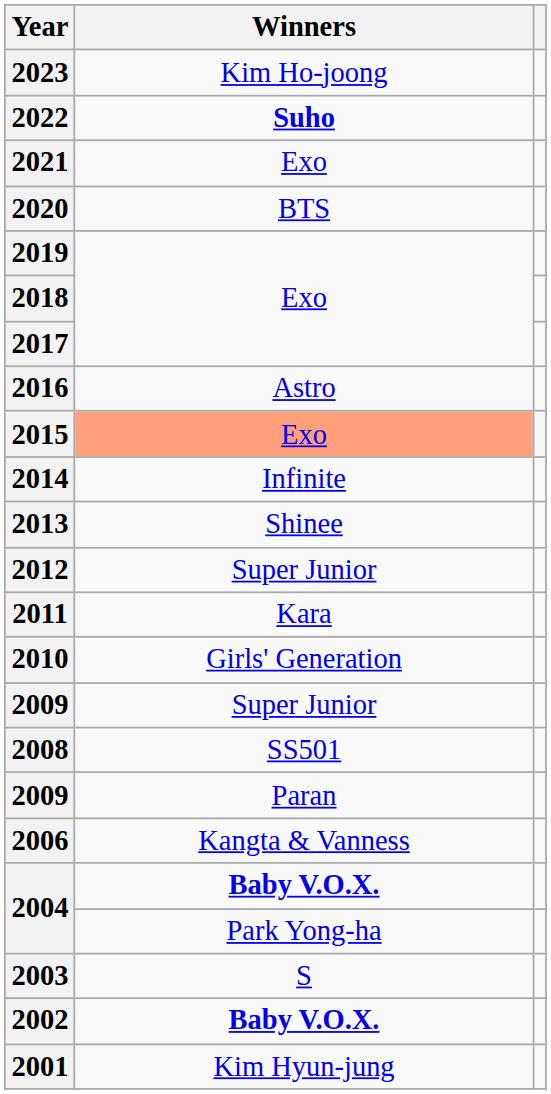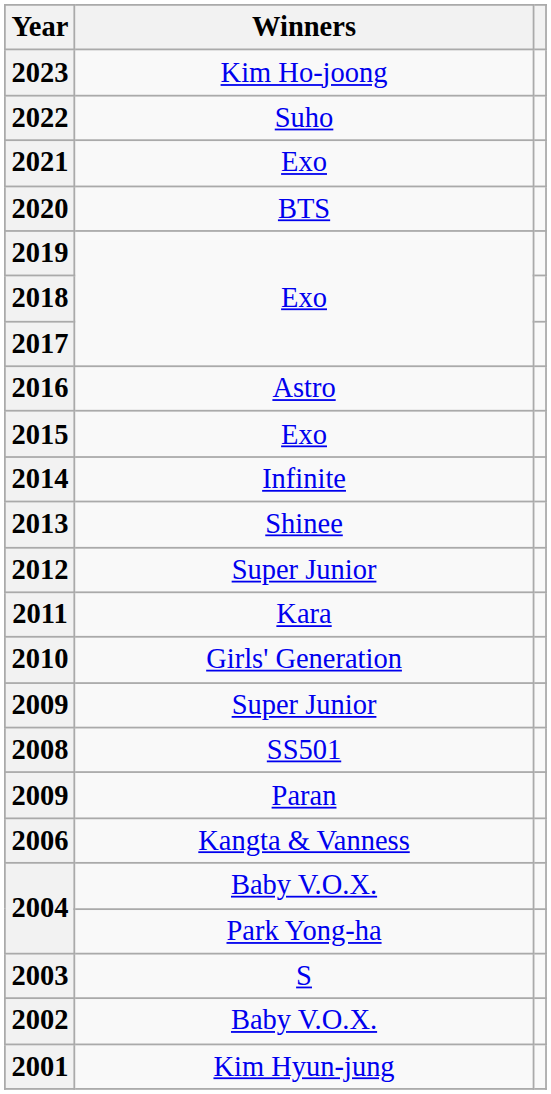 <table class="wikitable sortable plainrowheaders" style="text-align: center;">
 <tr>
 <th>Year</th>
 <th width="250">Winners</th>
 <th scope="col" class="unsortable"></th>
 </tr>
 <tr>
 <th scope="row">2023</th>
 <td><a href='#'>Kim Ho-joong</a></td>
 <td></td>
 </tr>
 <tr>
 <th scope="row">2022</th>
-<td><strong><a href='#'>Suho</a></strong></td>
+<td><a href='#'>Suho</a></td>
 <td style="text-align:center"></td>
 </tr>
 <tr>
 <th scope="row">2021</th>
 <td><a href='#'>Exo</a></td>
 <td></td>
 </tr>
 <tr>
 <th scope="row">2020</th>
 <td><a href='#'>BTS</a></td>
 <td style="text-align:center"></td>
 </tr>
 <tr>
 <th scope="row">2019</th>
 <td rowspan="3"><a href='#'>Exo</a></td>
 <td style="text-align:center"></td>
 </tr>
 <tr>
 <th scope="row">2018</th>
 <td></td>
 </tr>
 <tr>
 <th scope="row">2017</th>
 <td style="text-align:center"></td>
 </tr>
 <tr>
 <th scope="row">2016</th>
 <td><a href='#'>Astro</a></td>
 <td style="text-align:center"></td>
 </tr>
 <tr>
 <th scope="row">2015</th>
-<td style="background: lightsalmon;"><a href='#'>Exo</a></td>
+<td><a href='#'>Exo</a></td>
 <td style="text-align:center"></td>
 </tr>
 <tr>
 <th scope="row">2014</th>
 <td><a href='#'>Infinite</a></td>
 <td style="text-align:center"></td>
 </tr>
 <tr>
 <th scope="row">2013</th>
 <td><a href='#'>Shinee</a></td>
 <td style="text-align:center"></td>
 </tr>
 <tr>
 <th scope="row">2012</th>
 <td><a href='#'>Super Junior</a></td>
 <td></td>
 </tr>
 <tr>
 <th scope="row">2011</th>
 <td><a href='#'>Kara</a></td>
 <td></td>
 </tr>
 <tr>
 <th scope="row">2010</th>
 <td><a href='#'>Girls' Generation</a></td>
 <td></td>
 </tr>
 <tr>
 <th scope="row">2009</th>
 <td><a href='#'>Super Junior</a></td>
 <td></td>
 </tr>
 <tr>
 <th scope="row">2008</th>
 <td><a href='#'>SS501</a></td>
 <td></td>
 </tr>
 <tr>
 <th scope="row">2009</th>
 <td><a href='#'>Paran</a></td>
 <td></td>
 </tr>
 <tr>
 <th scope="row">2006</th>
 <td><a href='#'>Kangta & Vanness</a></td>
 <td></td>
 </tr>
 <tr>
 <th scope="row" rowspan="2">2004</th>
-<td><strong><a href='#'>Baby V.O.X.</a></strong></td>
+<td><a href='#'>Baby V.O.X.</a></td>
 <td></td>
 </tr>
 <tr>
 <td><a href='#'>Park Yong-ha</a></td>
 <td></td>
 </tr>
 <tr>
 <th scope="row">2003</th>
 <td><a href='#'>S</a></td>
 <td></td>
 </tr>
 <tr>
 <th scope="row">2002</th>
-<td><strong><a href='#'>Baby V.O.X.</a></strong></td>
+<td><a href='#'>Baby V.O.X.</a></td>
 <td></td>
 </tr>
 <tr>
 <th scope="row">2001</th>
 <td><a href='#'>Kim Hyun-jung</a></td>
 <td></td>
 </tr>
 </table>
